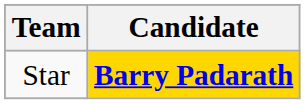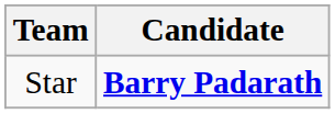 <table class="wikitable" style="text-align:center">
 <tr>
 <th>Team</th>
 <th>Candidate</th>
 </tr>
 <tr>
 <td>Star</td>
-<td style="background: gold;"><strong><a href='#'>Barry Padarath</a></strong></td>
+<td><strong><a href='#'>Barry Padarath</a></strong></td>
 </tr>
 </table>
